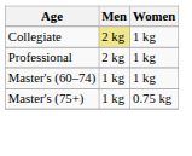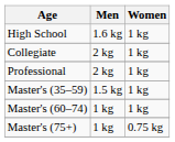 <table class="wikitable" style="display: inline-table;">
 <tr>
 <th>Age</th>
 <th>Men</th>
 <th>Women</th>
 </tr>
 <tr>
+<td>High School</td>
+<td>1.6 kg</td>
+<td>1 kg</td>
+</tr>
+<tr>
 </tr>
 <tr>
 <td>Collegiate</td>
-<td style="background: khaki;">2 kg</td>
+<td>2 kg</td>
 <td>1 kg</td>
 </tr>
 <tr>
 </tr>
 <tr>
 <td>Professional</td>
 <td>2 kg</td>
 <td>1 kg</td>
 </tr>
 <tr>
+</tr>
+<tr>
+<td>Master's (35–59)</td>
+<td>1.5 kg</td>
+<td>1 kg</td>
 </tr>
 <tr>
 </tr>
 <tr>
 <td>Master's (60–74)</td>
 <td>1 kg</td>
 <td>1 kg</td>
 </tr>
 <tr>
 </tr>
 <tr>
 <td>Master's (75+)</td>
 <td>1 kg</td>
 <td>0.75 kg</td>
 </tr>
 <tr>
 </tr>
 </table>
